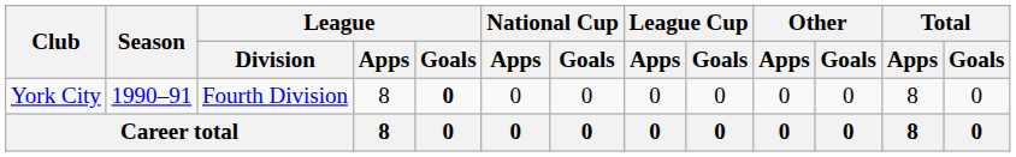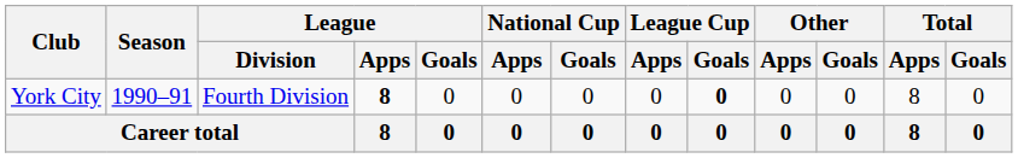 <table class=wikitable style=text-align:center>
 <tr>
 <th rowspan=2>Club</th>
 <th rowspan=2>Season</th>
 <th colspan=3>League</th>
 <th colspan=2>National Cup</th>
 <th colspan=2>League Cup</th>
 <th colspan=2>Other</th>
 <th colspan=2>Total</th>
 </tr>
 <tr>
 <th>Division</th>
 <th>Apps</th>
 <th>Goals</th>
 <th>Apps</th>
 <th>Goals</th>
 <th>Apps</th>
 <th>Goals</th>
 <th>Apps</th>
 <th>Goals</th>
 <th>Apps</th>
 <th>Goals</th>
 </tr>
 <tr>
 <td><a href='#'>York City</a></td>
 <td><a href='#'>1990–91</a></td>
 <td><a href='#'>Fourth Division</a></td>
-<td>8</td>
-<td><strong>0</strong></td>
+<td><strong>8</strong></td>
 <td>0</td>
 <td>0</td>
 <td>0</td>
 <td>0</td>
+<td><strong>0</strong></td>
 <td>0</td>
 <td>0</td>
 <td>8</td>
 <td>0</td>
 </tr>
 <tr>
 <th colspan=3>Career total</th>
 <th>8</th>
 <th>0</th>
 <th>0</th>
 <th>0</th>
 <th>0</th>
 <th>0</th>
 <th>0</th>
 <th>0</th>
 <th>8</th>
 <th>0</th>
 </tr>
 </table>
